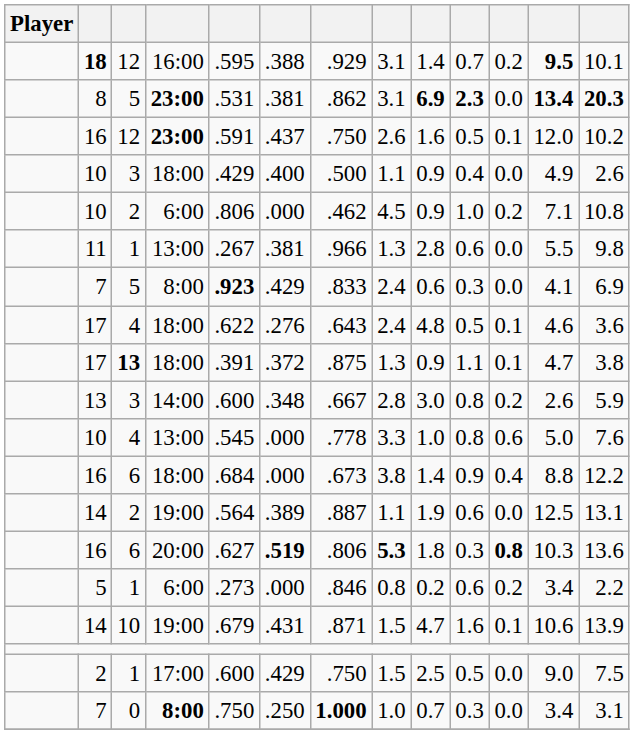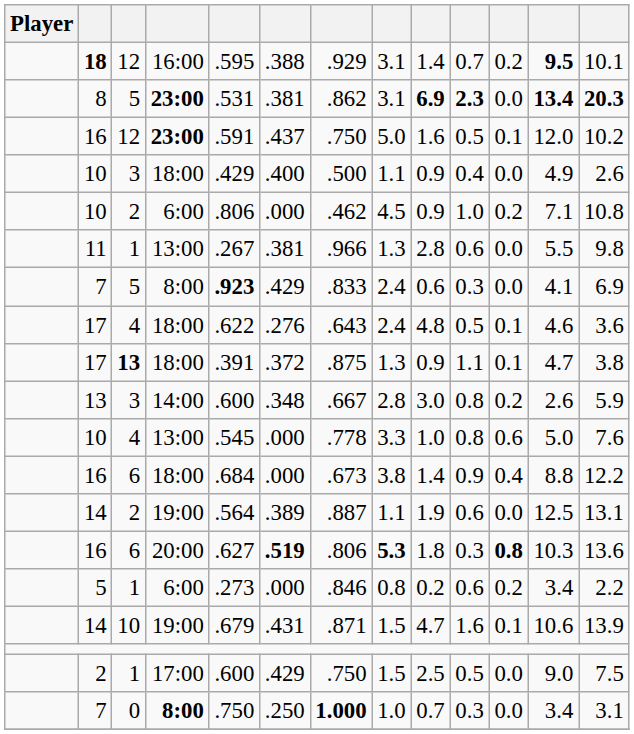 <table class="wikitable sortable" style="font-size:95%; text-align:right;">
 <tr>
 <th>Player</th>
 <th></th>
 <th></th>
 <th></th>
 <th></th>
 <th></th>
 <th></th>
 <th></th>
 <th></th>
 <th></th>
 <th></th>
 <th></th>
 <th></th>
 </tr>
 <tr>
 <td><strong></strong></td>
 <td><strong>18</strong></td>
 <td>12</td>
 <td>16:00</td>
 <td>.595</td>
 <td>.388</td>
 <td>.929</td>
 <td>3.1</td>
 <td>1.4</td>
 <td>0.7</td>
 <td>0.2</td>
 <td><strong>9.5</strong></td>
 <td>10.1</td>
 </tr>
 <tr>
 <td><strong></strong></td>
 <td>8</td>
 <td>5</td>
 <td><strong>23:00</strong></td>
 <td>.531</td>
 <td>.381</td>
 <td>.862</td>
 <td>3.1</td>
 <td><strong>6.9</strong></td>
 <td><strong>2.3</strong></td>
 <td>0.0</td>
 <td><strong>13.4</strong></td>
 <td><strong>20.3</strong></td>
 </tr>
 <tr>
 <td><strong></strong></td>
 <td>16</td>
 <td>12</td>
 <td><strong>23:00</strong></td>
 <td>.591</td>
 <td>.437</td>
 <td>.750</td>
-<td>2.6</td>
+<td>5.0</td>
 <td>1.6</td>
 <td>0.5</td>
 <td>0.1</td>
 <td>12.0</td>
 <td>10.2</td>
 </tr>
 <tr>
 <td><strong></strong></td>
 <td>10</td>
 <td>3</td>
 <td>18:00</td>
 <td>.429</td>
 <td>.400</td>
 <td>.500</td>
 <td>1.1</td>
 <td>0.9</td>
 <td>0.4</td>
 <td>0.0</td>
 <td>4.9</td>
 <td>2.6</td>
 </tr>
 <tr>
 <td><strong></strong></td>
 <td>10</td>
 <td>2</td>
 <td>6:00</td>
 <td>.806</td>
 <td>.000</td>
 <td>.462</td>
 <td>4.5</td>
 <td>0.9</td>
 <td>1.0</td>
 <td>0.2</td>
 <td>7.1</td>
 <td>10.8</td>
 </tr>
 <tr>
 <td><strong></strong></td>
 <td>11</td>
 <td>1</td>
 <td>13:00</td>
 <td>.267</td>
 <td>.381</td>
 <td>.966</td>
 <td>1.3</td>
 <td>2.8</td>
 <td>0.6</td>
 <td>0.0</td>
 <td>5.5</td>
 <td>9.8</td>
 </tr>
 <tr>
 <td><strong></strong></td>
 <td>7</td>
 <td>5</td>
 <td>8:00</td>
 <td><strong>.923</strong></td>
 <td>.429</td>
 <td>.833</td>
 <td>2.4</td>
 <td>0.6</td>
 <td>0.3</td>
 <td>0.0</td>
 <td>4.1</td>
 <td>6.9</td>
 </tr>
 <tr>
 <td><strong></strong></td>
 <td>17</td>
 <td>4</td>
 <td>18:00</td>
 <td>.622</td>
 <td>.276</td>
 <td>.643</td>
 <td>2.4</td>
 <td>4.8</td>
 <td>0.5</td>
 <td>0.1</td>
 <td>4.6</td>
 <td>3.6</td>
 </tr>
 <tr>
 <td><strong></strong></td>
 <td>17</td>
 <td><strong>13</strong></td>
 <td>18:00</td>
 <td>.391</td>
 <td>.372</td>
 <td>.875</td>
 <td>1.3</td>
 <td>0.9</td>
 <td>1.1</td>
 <td>0.1</td>
 <td>4.7</td>
 <td>3.8</td>
 </tr>
 <tr>
 <td><strong></strong></td>
 <td>13</td>
 <td>3</td>
 <td>14:00</td>
 <td>.600</td>
 <td>.348</td>
 <td>.667</td>
 <td>2.8</td>
 <td>3.0</td>
 <td>0.8</td>
 <td>0.2</td>
 <td>2.6</td>
 <td>5.9</td>
 </tr>
 <tr>
 <td><strong></strong></td>
 <td>10</td>
 <td>4</td>
 <td>13:00</td>
 <td>.545</td>
 <td>.000</td>
 <td>.778</td>
 <td>3.3</td>
 <td>1.0</td>
 <td>0.8</td>
 <td>0.6</td>
 <td>5.0</td>
 <td>7.6</td>
 </tr>
 <tr>
 <td><strong></strong></td>
 <td>16</td>
 <td>6</td>
 <td>18:00</td>
 <td>.684</td>
 <td>.000</td>
 <td>.673</td>
 <td>3.8</td>
 <td>1.4</td>
 <td>0.9</td>
 <td>0.4</td>
 <td>8.8</td>
 <td>12.2</td>
 </tr>
 <tr>
 <td><strong></strong></td>
 <td>14</td>
 <td>2</td>
 <td>19:00</td>
 <td>.564</td>
 <td>.389</td>
 <td>.887</td>
 <td>1.1</td>
 <td>1.9</td>
 <td>0.6</td>
 <td>0.0</td>
 <td>12.5</td>
 <td>13.1</td>
 </tr>
 <tr>
 <td><strong></strong></td>
 <td>16</td>
 <td>6</td>
 <td>20:00</td>
 <td>.627</td>
 <td><strong>.519</strong></td>
 <td>.806</td>
 <td><strong>5.3</strong></td>
 <td>1.8</td>
 <td>0.3</td>
 <td><strong>0.8</strong></td>
 <td>10.3</td>
 <td>13.6</td>
 </tr>
 <tr>
 <td><strong></strong></td>
 <td>5</td>
 <td>1</td>
 <td>6:00</td>
 <td>.273</td>
 <td>.000</td>
 <td>.846</td>
 <td>0.8</td>
 <td>0.2</td>
 <td>0.6</td>
 <td>0.2</td>
 <td>3.4</td>
 <td>2.2</td>
 </tr>
 <tr>
 <td><strong></strong></td>
 <td>14</td>
 <td>10</td>
 <td>19:00</td>
 <td>.679</td>
 <td>.431</td>
 <td>.871</td>
 <td>1.5</td>
 <td>4.7</td>
 <td>1.6</td>
 <td>0.1</td>
 <td>10.6</td>
 <td>13.9</td>
 </tr>
 <tr class="sortbottom">
 <td colspan=13></td>
 </tr>
 <tr>
 <td><em></em></td>
 <td>2</td>
 <td>1</td>
 <td>17:00</td>
 <td>.600</td>
 <td>.429</td>
 <td>.750</td>
 <td>1.5</td>
 <td>2.5</td>
 <td>0.5</td>
 <td>0.0</td>
 <td>9.0</td>
 <td>7.5</td>
 </tr>
 <tr>
 <td><em></em></td>
 <td>7</td>
 <td>0</td>
 <td><strong>8:00</strong></td>
 <td>.750</td>
 <td>.250</td>
 <td><strong>1.000</strong></td>
 <td>1.0</td>
 <td>0.7</td>
 <td>0.3</td>
 <td>0.0</td>
 <td>3.4</td>
 <td>3.1</td>
 </tr>
 <tr>
 </tr>
 </table>
